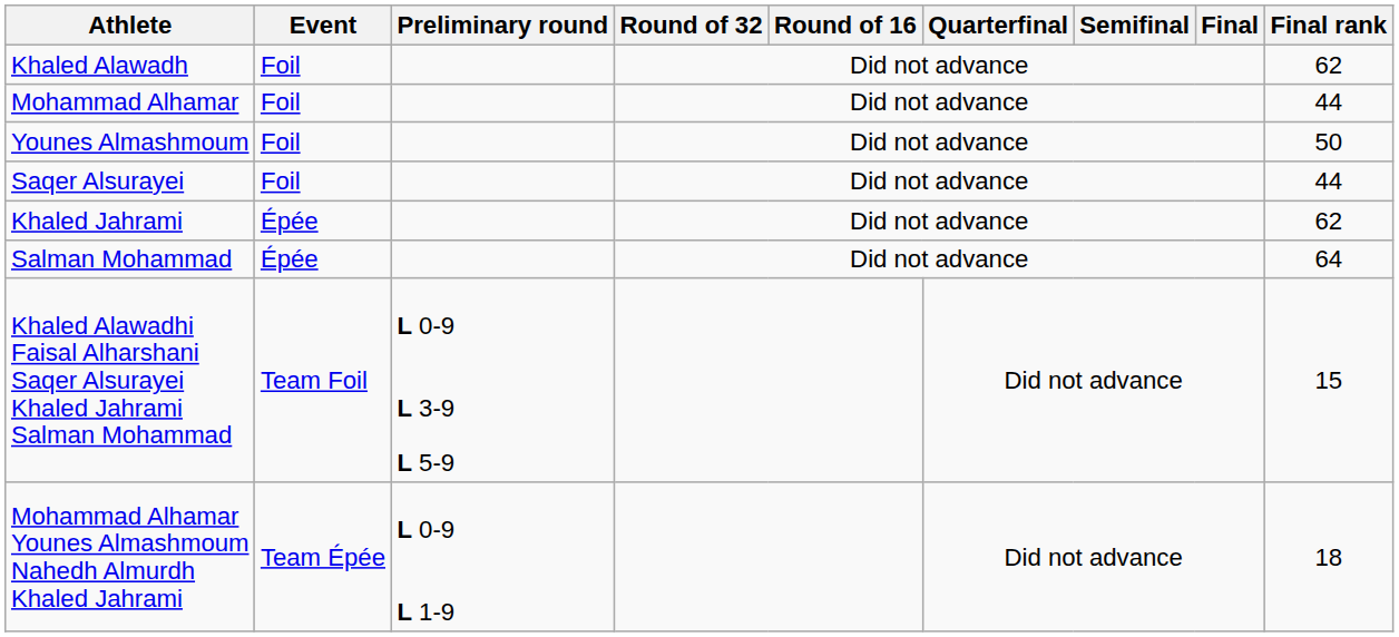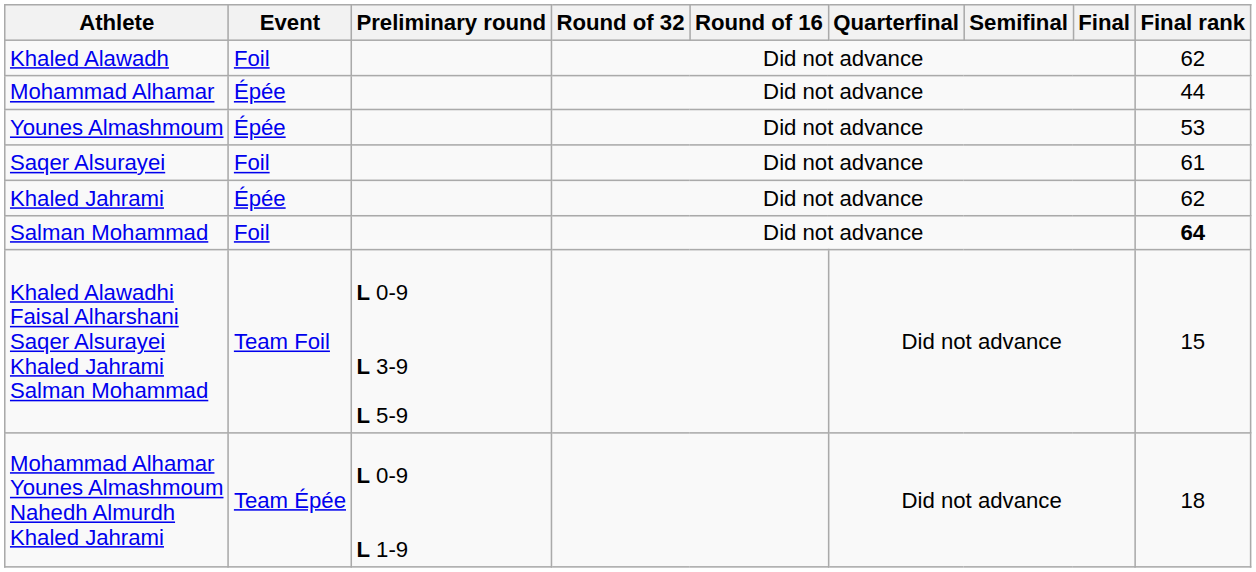 <table class=wikitable style="font-size:90%">
 <tr>
 <th>Athlete</th>
 <th>Event</th>
 <th>Preliminary round</th>
 <th>Round of 32</th>
 <th>Round of 16</th>
 <th>Quarterfinal</th>
 <th>Semifinal</th>
 <th>Final</th>
 <th>Final rank</th>
 </tr>
 <tr>
 <td><a href='#'>Khaled Alawadh</a></td>
 <td><a href='#'>Foil</a></td>
 <td></td>
 <td align=center colspan=5>Did not advance</td>
 <td align=center>62</td>
 </tr>
 <tr>
 <td><a href='#'>Mohammad Alhamar</a></td>
-<td><a href='#'>Foil</a></td>
+<td><a href='#'>Épée</a></td>
 <td></td>
 <td align=center colspan=5>Did not advance</td>
 <td align=center>44</td>
 </tr>
 <tr>
 <td><a href='#'>Younes Almashmoum</a></td>
-<td><a href='#'>Foil</a></td>
+<td><a href='#'>Épée</a></td>
 <td></td>
 <td align=center colspan=5>Did not advance</td>
-<td align=center>50</td>
+<td align=center>53</td>
 </tr>
 <tr>
 <td><a href='#'>Saqer Alsurayei</a></td>
 <td><a href='#'>Foil</a></td>
 <td></td>
 <td align=center colspan=5>Did not advance</td>
-<td align=center>44</td>
+<td align=center>61</td>
 </tr>
 <tr>
 <td><a href='#'>Khaled Jahrami</a></td>
 <td><a href='#'>Épée</a></td>
 <td></td>
 <td align=center colspan=5>Did not advance</td>
 <td align=center>62</td>
 </tr>
 <tr>
 <td><a href='#'>Salman Mohammad</a></td>
-<td><a href='#'>Épée</a></td>
+<td><a href='#'>Foil</a></td>
 <td></td>
 <td align=center colspan=5>Did not advance</td>
-<td align=center>64</td>
+<td align=center><strong>64</strong></td>
 </tr>
 <tr>
 <td><a href='#'>Khaled Alawadhi</a><br><a href='#'>Faisal Alharshani</a><br><a href='#'>Saqer Alsurayei</a><br><a href='#'>Khaled Jahrami</a><br><a href='#'>Salman Mohammad</a></td>
 <td><a href='#'>Team Foil</a></td>
 <td><br> <strong>L</strong> 0-9<br><br><br> <strong>L</strong> 3-9<br> <br> <strong>L</strong> 5-9<br></td>
 <td colspan=2></td>
 <td align=center colspan=3>Did not advance</td>
 <td align=center>15</td>
 </tr>
 <tr>
 <td><a href='#'>Mohammad Alhamar</a><br><a href='#'>Younes Almashmoum</a><br><a href='#'>Nahedh Almurdh</a><br><a href='#'>Khaled Jahrami</a></td>
 <td><a href='#'>Team Épée</a></td>
 <td><br> <strong>L</strong> 0-9<br><br><br> <strong>L</strong> 1-9<br></td>
 <td colspan=2></td>
 <td align=center colspan=3>Did not advance</td>
 <td align=center>18</td>
 </tr>
 </table>
